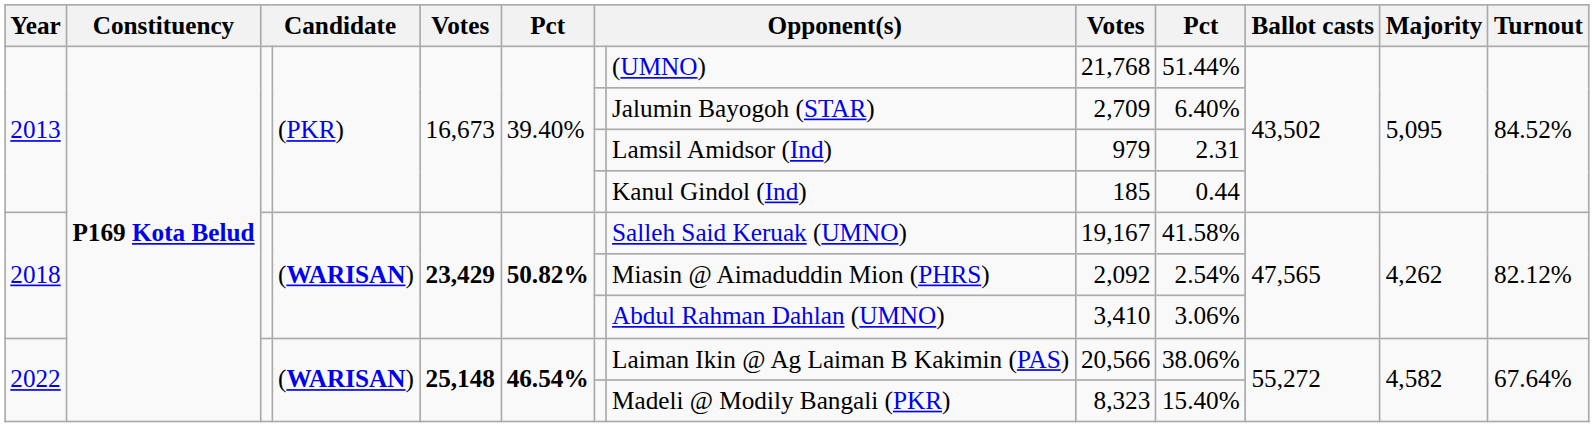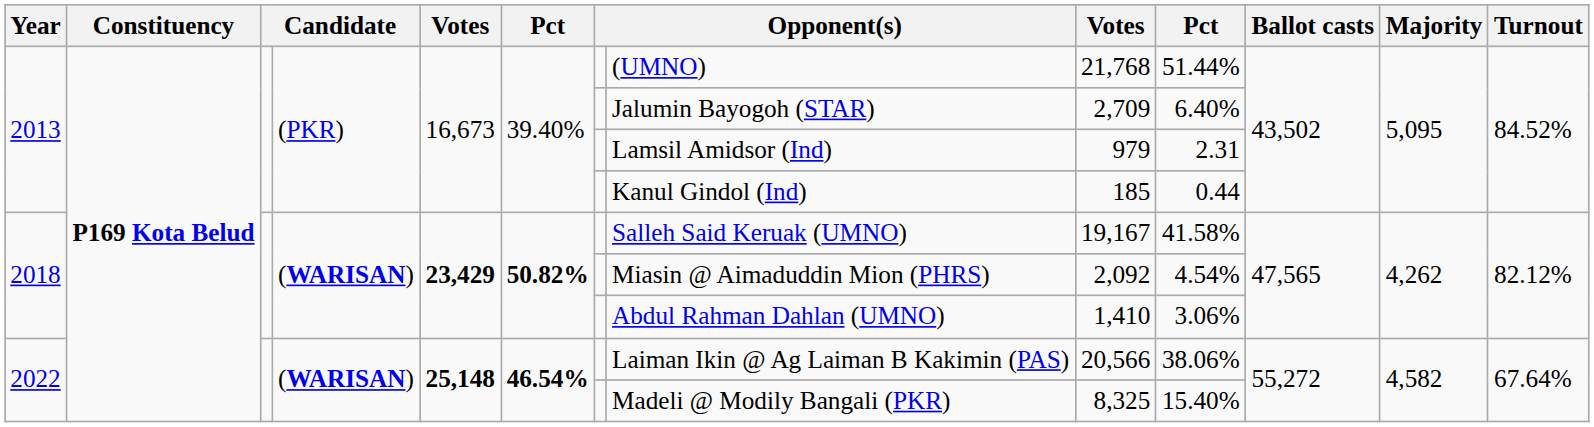 <table class="wikitable" style="margin:0.5em ; font-size:95%">
 <tr>
 <th>Year</th>
 <th>Constituency</th>
 <th colspan=2>Candidate</th>
 <th>Votes</th>
 <th>Pct</th>
 <th colspan=2>Opponent(s)</th>
 <th>Votes</th>
 <th>Pct</th>
 <th>Ballot casts</th>
 <th>Majority</th>
 <th>Turnout</th>
 </tr>
 <tr>
 <td rowspan=4><a href='#'>2013</a></td>
 <td rowspan=9><strong>P169 <a href='#'>Kota Belud</a></strong></td>
 <td rowspan=4 ></td>
 <td rowspan=4> (<a href='#'>PKR</a>)</td>
 <td rowspan=4 align="right">16,673</td>
 <td rowspan=4>39.40%</td>
 <td></td>
 <td> (<a href='#'>UMNO</a>)</td>
 <td align="right">21,768</td>
 <td>51.44%</td>
 <td rowspan=4>43,502</td>
 <td rowspan=4>5,095</td>
 <td rowspan=4>84.52%</td>
 </tr>
 <tr>
 <td></td>
 <td>Jalumin Bayogoh (<a href='#'>STAR</a>)</td>
 <td align="right">2,709</td>
 <td align="right">6.40%</td>
 </tr>
 <tr>
 <td></td>
 <td>Lamsil Amidsor	(<a href='#'>Ind</a>)</td>
 <td align="right">979</td>
 <td align="right">2.31</td>
 </tr>
 <tr>
 <td></td>
 <td>Kanul Gindol (<a href='#'>Ind</a>)</td>
 <td align="right">185</td>
 <td align="right">0.44</td>
 </tr>
 <tr>
 <td rowspan=3><a href='#'>2018</a></td>
 <td rowspan=3 ></td>
 <td rowspan=3> (<a href='#'><strong>WARISAN</strong></a>)</td>
 <td rowspan=3 align="right"><strong>23,429</strong></td>
 <td rowspan=3><strong>50.82%</strong></td>
 <td></td>
 <td><a href='#'>Salleh Said Keruak</a> (<a href='#'>UMNO</a>)</td>
 <td align="right">19,167</td>
 <td>41.58%</td>
 <td rowspan=3>47,565</td>
 <td rowspan=3>4,262</td>
 <td rowspan=3>82.12%</td>
 </tr>
 <tr>
 <td bgcolor=></td>
 <td>Miasin @ Aimaduddin Mion (<a href='#'>PHRS</a>)</td>
 <td align="right">2,092</td>
-<td align="right">2.54%</td>
+<td align="right">4.54%</td>
 </tr>
 <tr>
 <td></td>
 <td><a href='#'>Abdul Rahman Dahlan</a> (<a href='#'>UMNO</a>)</td>
-<td align="right">3,410</td>
+<td align="right">1,410</td>
 <td align="right">3.06%</td>
 </tr>
 <tr>
 <td rowspan="2"><a href='#'>2022</a></td>
 <td rowspan="2" ></td>
 <td rowspan="2"> (<a href='#'><strong>WARISAN</strong></a>)</td>
 <td rowspan="2" align="right"><strong>25,148</strong></td>
 <td rowspan="2"><strong>46.54%</strong></td>
 <td></td>
 <td>Laiman Ikin @ Ag Laiman B Kakimin (<a href='#'>PAS</a>)</td>
 <td align="right">20,566</td>
 <td>38.06%</td>
 <td rowspan=2>55,272</td>
 <td rowspan=2>4,582</td>
 <td rowspan=2>67.64%</td>
 </tr>
 <tr>
 <td></td>
 <td>Madeli @ Modily Bangali (<a href='#'>PKR</a>)</td>
-<td align="right">8,323</td>
+<td align="right">8,325</td>
 <td>15.40%</td>
 </tr>
 </table>
